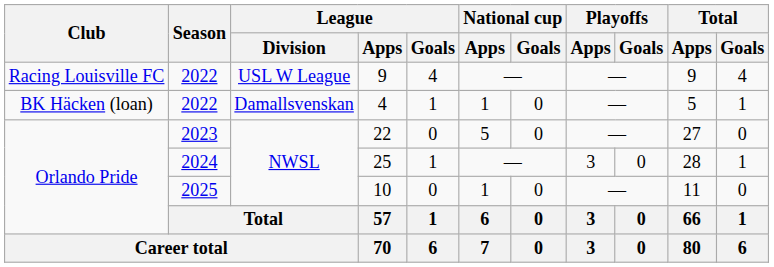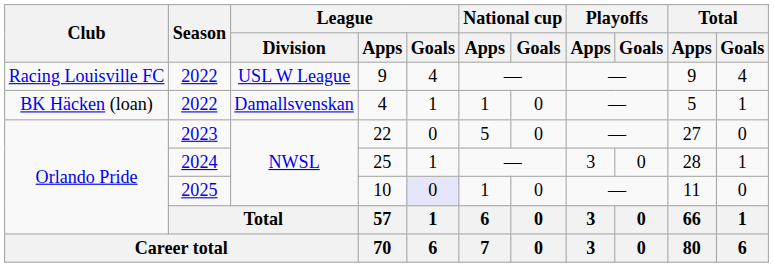 <table class="wikitable" style="text-align: center;">
 <tr>
 <th rowspan="2">Club</th>
 <th rowspan="2">Season</th>
 <th colspan="3">League</th>
 <th colspan="2">National cup</th>
 <th colspan="2">Playoffs</th>
 <th colspan="2">Total</th>
 </tr>
 <tr>
 <th>Division</th>
 <th>Apps</th>
 <th>Goals</th>
 <th>Apps</th>
 <th>Goals</th>
 <th>Apps</th>
 <th>Goals</th>
 <th>Apps</th>
 <th>Goals</th>
 </tr>
 <tr>
 <td><a href='#'>Racing Louisville FC</a></td>
 <td><a href='#'>2022</a></td>
 <td><a href='#'>USL W League</a></td>
 <td>9</td>
 <td>4</td>
 <td colspan="2">—</td>
 <td colspan="2">—</td>
 <td>9</td>
 <td>4</td>
 </tr>
 <tr>
 <td><a href='#'>BK Häcken</a> (loan)</td>
 <td><a href='#'>2022</a></td>
 <td><a href='#'>Damallsvenskan</a></td>
 <td>4</td>
 <td>1</td>
 <td>1</td>
 <td>0</td>
 <td colspan="2">—</td>
 <td>5</td>
 <td>1</td>
 </tr>
 <tr>
 <td rowspan="4"><a href='#'>Orlando Pride</a></td>
 <td><a href='#'>2023</a></td>
 <td rowspan="3"><a href='#'>NWSL</a></td>
 <td>22</td>
 <td>0</td>
 <td>5</td>
 <td>0</td>
 <td colspan="2">—</td>
 <td>27</td>
 <td>0</td>
 </tr>
 <tr>
 <td><a href='#'>2024</a></td>
 <td>25</td>
 <td>1</td>
 <td colspan="2">—</td>
 <td>3</td>
 <td>0</td>
 <td>28</td>
 <td>1</td>
 </tr>
 <tr>
 <td><a href='#'>2025</a></td>
 <td>10</td>
-<td>0</td>
+<td style="background: lavender;">0</td>
 <td>1</td>
 <td>0</td>
 <td colspan="2">—</td>
 <td>11</td>
 <td>0</td>
 </tr>
 <tr>
 <th colspan="2">Total</th>
 <th>57</th>
 <th>1</th>
 <th>6</th>
 <th>0</th>
 <th>3</th>
 <th>0</th>
 <th>66</th>
 <th>1</th>
 </tr>
 <tr>
 <th colspan="3">Career total</th>
 <th>70</th>
 <th>6</th>
 <th>7</th>
 <th>0</th>
 <th>3</th>
 <th>0</th>
 <th>80</th>
 <th>6</th>
 </tr>
 </table>
